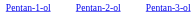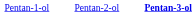 <table align="center" class="skin-invert-image">
 <tr>
 <td></td>
 <td></td>
 <td></td>
 </tr>
 <tr>
 <td style="padding-left:20px;padding-right:20px;text-align:center;"><a href='#'>Pentan-1-ol</a></td>
 <td style="padding-left:20px;padding-right:20px;text-align:center;"><a href='#'>Pentan-2-ol</a></td>
-<td style="padding-left:20px;padding-right:20px;text-align:center;"><a href='#'>Pentan-3-ol</a></td>
+<td style="padding-left:20px;padding-right:20px;text-align:center;"><strong><a href='#'>Pentan-3-ol</a></strong></td>
 </tr>
 </table>
